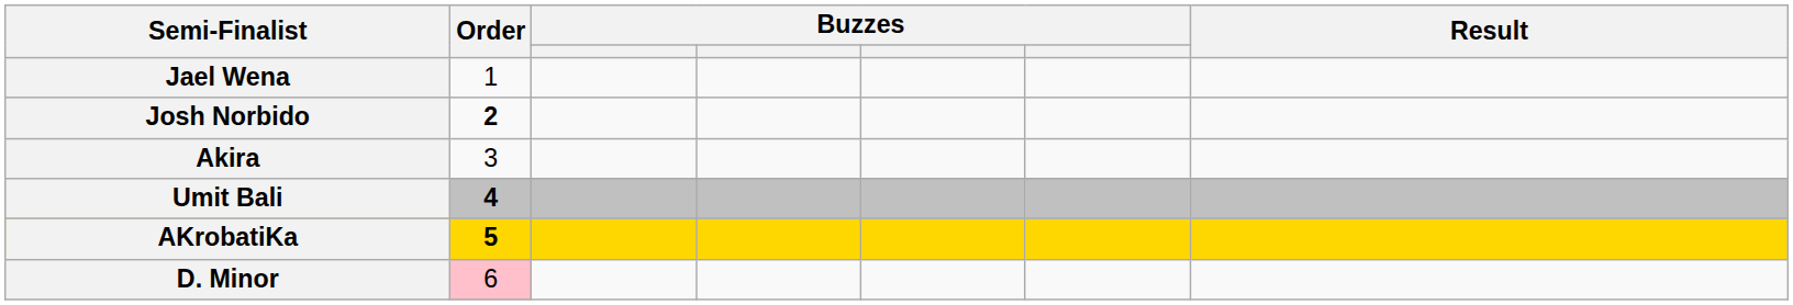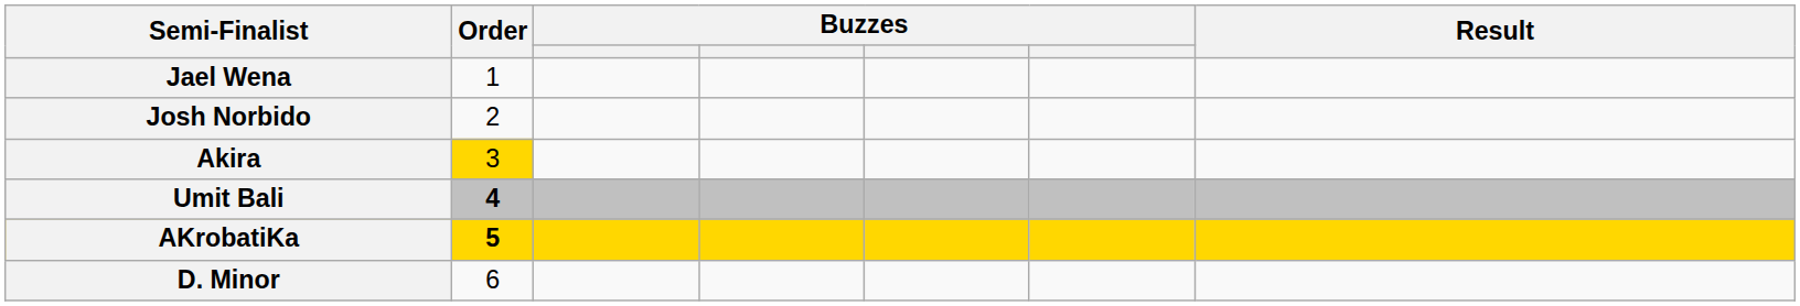 <table class="wikitable plainrowheaders sortable" style="text-align:center;">
 <tr>
 <th scope="col" rowspan="2" class="unsortable" style="width:17em;">Semi-Finalist</th>
 <th scope="col" rowspan="2" style="width:1em;">Order</th>
 <th scope="col" colspan="4" class="unsortable" style="width:24em;">Buzzes</th>
 <th scope="col" rowspan="2" style="width:23em;">Result</th>
 </tr>
 <tr>
 <th scope="col" class="unsortable" style="width:6em;"></th>
 <th scope="col" class="unsortable" style="width:6em;"></th>
 <th scope="col" class="unsortable" style="width:6em;"></th>
 <th scope="col" class="unsortable" style="width:6em;"></th>
 </tr>
 <tr>
 <th scope="row">Jael Wena</th>
 <td>1</td>
 <td style="text-align:center;"></td>
 <td style="text-align:center;"></td>
 <td style="text-align:center;"></td>
 <td style="text-align:center;"></td>
 <td></td>
 </tr>
 <tr>
 <th scope="row">Josh Norbido</th>
-<td><strong>2</strong></td>
+<td>2</td>
 <td style="text-align:center;"></td>
 <td style="text-align:center;"></td>
 <td style="text-align:center;"></td>
 <td style="text-align:center;"></td>
 <td></td>
 </tr>
 <tr>
 <th scope="row">Akira</th>
-<td>3</td>
+<td style="background: gold;">3</td>
 <td style="text-align:center;"></td>
 <td style="text-align:center;"></td>
 <td style="text-align:center;"></td>
 <td style="text-align:center;"></td>
 <td></td>
 </tr>
 <tr bgcolor=silver>
 <th scope="row"><strong>Umit Bali</strong></th>
 <td><strong>4</strong></td>
 <td style="text-align:center;"></td>
 <td style="text-align:center;"></td>
 <td style="text-align:center;"></td>
 <td style="text-align:center;"></td>
 <td><strong></strong></td>
 </tr>
 <tr bgcolor=gold>
 <th scope="row"><strong>AKrobatiKa</strong></th>
 <td><strong>5</strong></td>
 <td style="text-align:center;"></td>
 <td style="text-align:center;"></td>
 <td style="text-align:center;"></td>
 <td style="text-align:center;"></td>
 <td><strong></strong></td>
 </tr>
 <tr>
 <th scope="row">D. Minor</th>
-<td style="background: pink;">6</td>
+<td>6</td>
 <td style="text-align:center;"></td>
 <td style="text-align:center;"></td>
 <td style="text-align:center;"></td>
 <td style="text-align:center;"></td>
 <td></td>
 </tr>
 </table>
